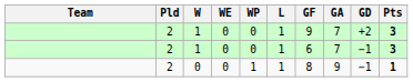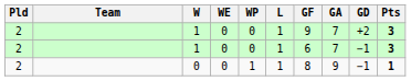 <table class="wikitable" style="text-align: center; font-size:90% ">
 <tr>
+<th width=25>Pld</th>
 <th width=160>Team</th>
-<th width=25>Pld</th>
 <th width=25>W</th>
 <th width=25>WE</th>
 <th width=25>WP</th>
 <th width=25>L</th>
 <th width=25>GF</th>
 <th width=25>GA</th>
 <th width=25>GD</th>
 <th width=25>Pts</th>
 </tr>
 <tr bgcolor=ccffcc>
+<td>2</td>
 <td align=left></td>
-<td>2</td>
 <td>1</td>
 <td>0</td>
 <td>0</td>
 <td>1</td>
 <td>9</td>
 <td>7</td>
 <td>+2</td>
 <td><strong>3</strong></td>
 </tr>
 <tr bgcolor=ccffcc>
+<td>2</td>
 <td align=left></td>
-<td>2</td>
 <td>1</td>
 <td>0</td>
 <td>0</td>
 <td>1</td>
 <td>6</td>
 <td>7</td>
 <td>−1</td>
 <td><strong>3</strong></td>
 </tr>
 <tr>
+<td>2</td>
 <td align=left></td>
-<td>2</td>
 <td>0</td>
 <td>0</td>
 <td>1</td>
 <td>1</td>
 <td>8</td>
 <td>9</td>
 <td>−1</td>
 <td><strong>1</strong></td>
 </tr>
 </table>
